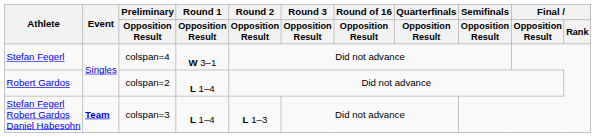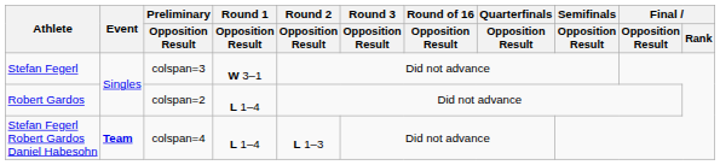 <table class="wikitable" style="font-size:90%;">
 <tr>
 <th rowspan=2>Athlete</th>
 <th rowspan=2>Event</th>
 <th>Preliminary</th>
 <th>Round 1</th>
 <th>Round 2</th>
 <th>Round 3</th>
 <th>Round of 16</th>
 <th>Quarterfinals</th>
 <th>Semifinals</th>
 <th colspan=2>Final / </th>
 </tr>
 <tr style="font-size:95%">
 <th>Opposition<br>Result</th>
 <th>Opposition<br>Result</th>
 <th>Opposition<br>Result</th>
 <th>Opposition<br>Result</th>
 <th>Opposition<br>Result</th>
 <th>Opposition<br>Result</th>
 <th>Opposition<br>Result</th>
 <th>Opposition<br>Result</th>
 <th>Rank</th>
 </tr>
 <tr align=center>
 <td align=left><a href='#'>Stefan Fegerl</a></td>
 <td align=left rowspan=2><a href='#'>Singles</a></td>
-<td>colspan=4 </td>
+<td>colspan=3 </td>
 <td><br><strong>W</strong> 3–1</td>
 <td colspan=5>Did not advance</td>
 </tr>
 <tr align=center>
 <td align=left><a href='#'>Robert Gardos</a></td>
 <td>colspan=2 </td>
 <td><br><strong>L</strong> 1–4</td>
 <td colspan=6>Did not advance</td>
 </tr>
 <tr align=center>
 <td align=left><a href='#'>Stefan Fegerl</a><br><a href='#'>Robert Gardos</a><br><a href='#'>Daniel Habesohn</a></td>
 <td align=left><strong><a href='#'>Team</a></strong></td>
-<td>colspan=3 </td>
+<td>colspan=4 </td>
 <td><br><strong>L</strong> 1–4</td>
 <td><br><strong>L</strong> 1–3</td>
 <td colspan=3>Did not advance</td>
 </tr>
 </table>
